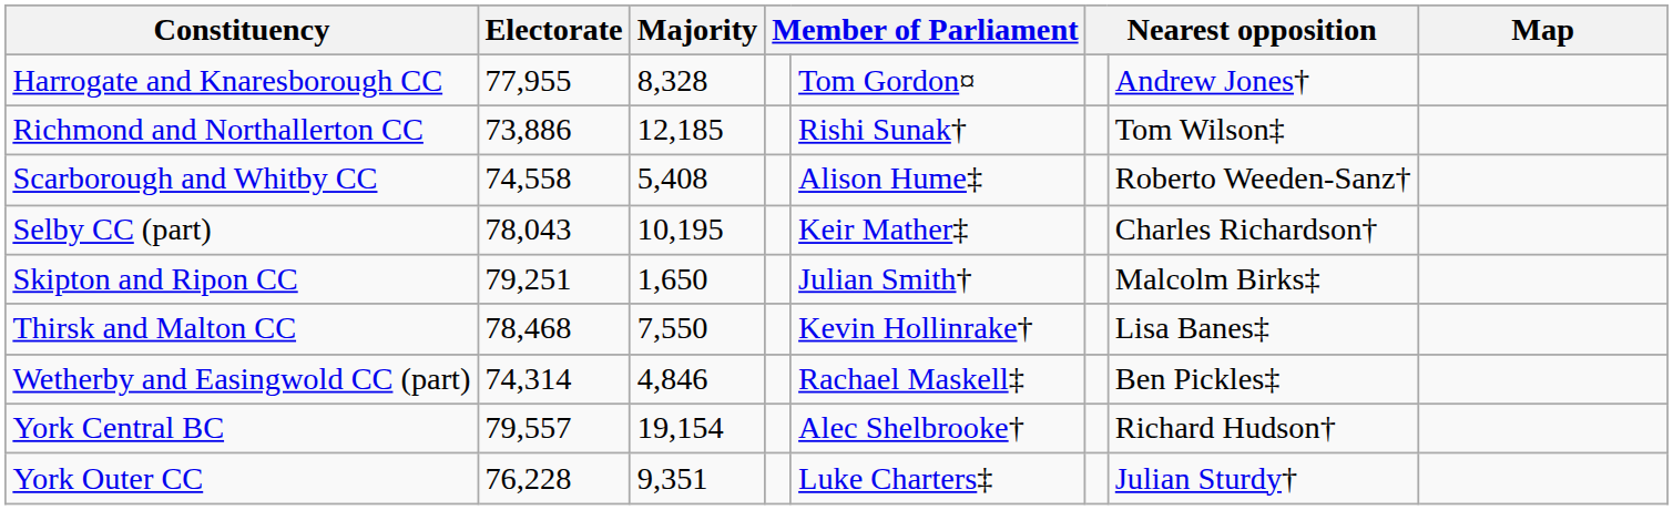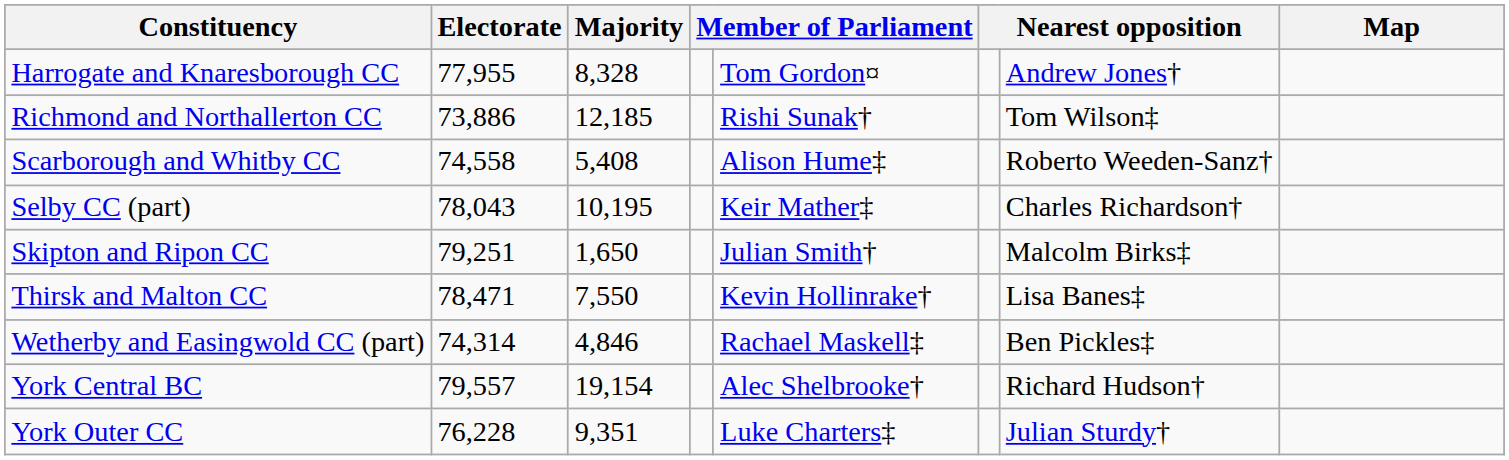 <table class="wikitable sortable">
 <tr>
 <th rowspan="1">Constituency</th>
 <th rowspan="1">Electorate</th>
 <th rowspan="1">Majority</th>
 <th class="unsortable" colspan="2"><a href='#'>Member of Parliament</a></th>
 <th class="unsortable" colspan="2">Nearest opposition<br></th>
 <th rowspan=1 class="unsortable" style="width:15%;">Map</th>
 </tr>
 <tr>
 <td><a href='#'>Harrogate and Knaresborough CC</a></td>
 <td>77,955</td>
 <td>8,328</td>
 <td style="color:inherit;background:"> </td>
 <td><a href='#'>Tom Gordon</a>¤</td>
 <td style="color:inherit;background:"> </td>
 <td><a href='#'>Andrew Jones</a>†</td>
 <td></td>
 </tr>
 <tr>
 <td><a href='#'>Richmond and Northallerton CC</a></td>
 <td>73,886</td>
 <td>12,185</td>
 <td style="color:inherit;background:"> </td>
 <td><a href='#'>Rishi Sunak</a>†</td>
 <td style="color:inherit;background:"> </td>
 <td>Tom Wilson‡</td>
 <td></td>
 </tr>
 <tr>
 <td><a href='#'>Scarborough and Whitby CC</a></td>
 <td>74,558</td>
 <td>5,408</td>
 <td style="color:inherit;background:"> </td>
 <td><a href='#'>Alison Hume</a>‡</td>
 <td style="color:inherit;background:"> </td>
 <td>Roberto Weeden-Sanz†</td>
 <td></td>
 </tr>
 <tr>
 <td><a href='#'>Selby CC</a> (part)</td>
 <td>78,043</td>
 <td>10,195</td>
 <td style="color:inherit;background:"> </td>
 <td><a href='#'>Keir Mather</a>‡</td>
 <td style="color:inherit;background:"> </td>
 <td>Charles Richardson†</td>
 <td></td>
 </tr>
 <tr>
 <td><a href='#'>Skipton and Ripon CC</a></td>
 <td>79,251</td>
 <td>1,650</td>
 <td style="color:inherit;background:"> </td>
 <td><a href='#'>Julian Smith</a>†</td>
 <td style="color:inherit;background:"> </td>
 <td>Malcolm Birks‡</td>
 <td></td>
 </tr>
 <tr>
 <td><a href='#'>Thirsk and Malton CC</a></td>
-<td>78,468</td>
+<td>78,471</td>
 <td>7,550</td>
 <td style="color:inherit;background:"> </td>
 <td><a href='#'>Kevin Hollinrake</a>†</td>
 <td style="color:inherit;background:"> </td>
 <td>Lisa Banes‡</td>
 <td></td>
 </tr>
 <tr>
 <td><a href='#'>Wetherby and Easingwold CC</a> (part)</td>
 <td>74,314</td>
 <td>4,846</td>
 <td style="color:inherit;background:"> </td>
 <td><a href='#'>Rachael Maskell</a>‡</td>
 <td style="color:inherit;background:"> </td>
 <td>Ben Pickles‡</td>
 <td></td>
 </tr>
 <tr>
 <td><a href='#'>York Central BC</a></td>
 <td>79,557</td>
 <td>19,154</td>
 <td style="color:inherit;background:"> </td>
 <td><a href='#'>Alec Shelbrooke</a>†</td>
 <td style="color:inherit;background:"> </td>
 <td>Richard Hudson†</td>
 <td></td>
 </tr>
 <tr>
 <td><a href='#'>York Outer CC</a></td>
 <td>76,228</td>
 <td>9,351</td>
 <td style="color:inherit;background:"> </td>
 <td><a href='#'>Luke Charters</a>‡</td>
 <td style="color:inherit;background:"> </td>
 <td><a href='#'>Julian Sturdy</a>†</td>
 <td></td>
 </tr>
 </table>
